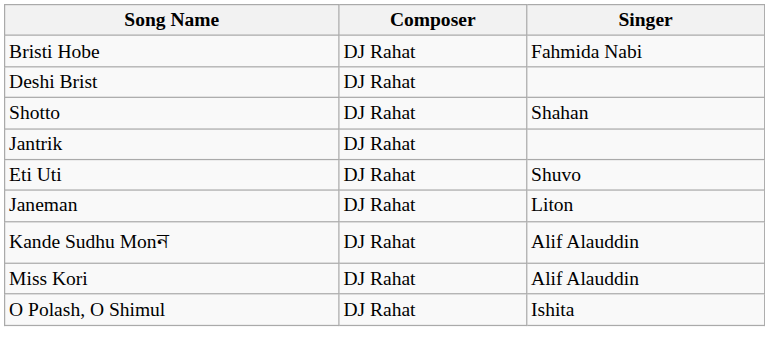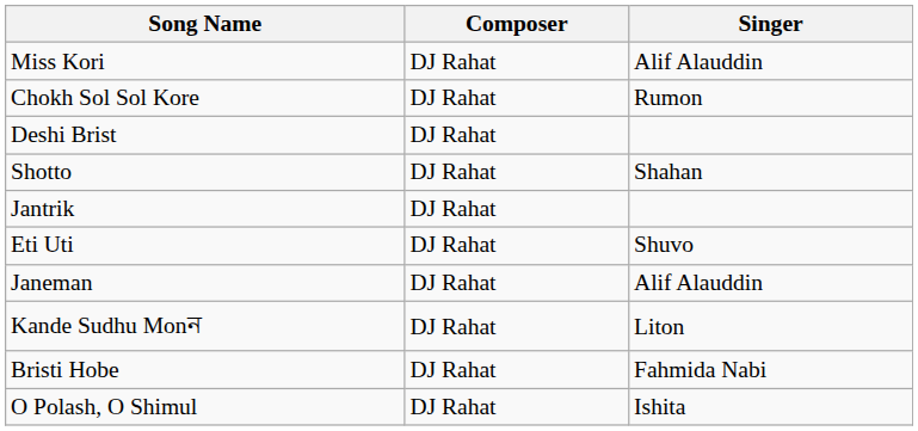 <table class="wikitable sortable collapsible" style="width: 100%;">
 <tr>
 <th style="*background:d0e5f5;">Song Name</th>
 <th style="*background:d0e5f5;">Composer</th>
 <th style="*background:d0e5f5;">Singer</th>
 </tr>
 <tr>
-<td>Bristi Hobe</td>
+<td>Miss Kori</td>
 <td>DJ Rahat</td>
-<td>Fahmida Nabi</td>
+<td>Alif Alauddin</td>
+</tr>
+<tr>
+<td>Chokh Sol Sol Kore</td>
+<td>DJ Rahat</td>
+<td>Rumon</td>
 </tr>
 <tr>
 <td>Deshi Brist</td>
 <td>DJ Rahat</td>
 <td></td>
 </tr>
 <tr>
 <td>Shotto</td>
 <td>DJ Rahat</td>
 <td>Shahan</td>
 </tr>
 <tr>
 <td>Jantrik</td>
 <td>DJ Rahat</td>
 <td></td>
 </tr>
 <tr>
 <td>Eti Uti</td>
 <td>DJ Rahat</td>
 <td>Shuvo</td>
 </tr>
 <tr>
 <td>Janeman</td>
 <td>DJ Rahat</td>
-<td>Liton</td>
+<td>Alif Alauddin</td>
 </tr>
 <tr>
 <td>Kande Sudhu Monন</td>
 <td>DJ Rahat</td>
-<td>Alif Alauddin</td>
+<td>Liton</td>
 </tr>
 <tr>
-<td>Miss Kori</td>
+<td>Bristi Hobe</td>
 <td>DJ Rahat</td>
-<td>Alif Alauddin</td>
+<td>Fahmida Nabi</td>
 </tr>
 <tr>
 <td>O Polash, O Shimul</td>
 <td>DJ Rahat</td>
 <td>Ishita</td>
 </tr>
 </table>
